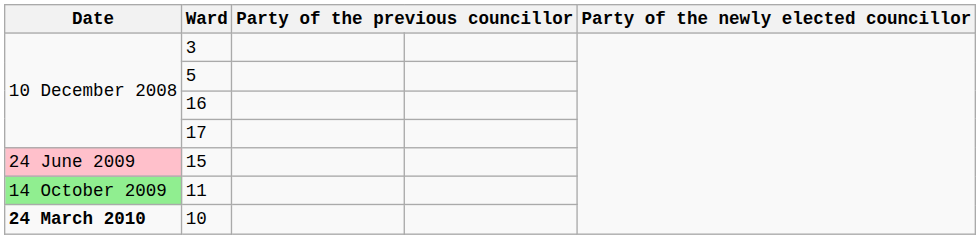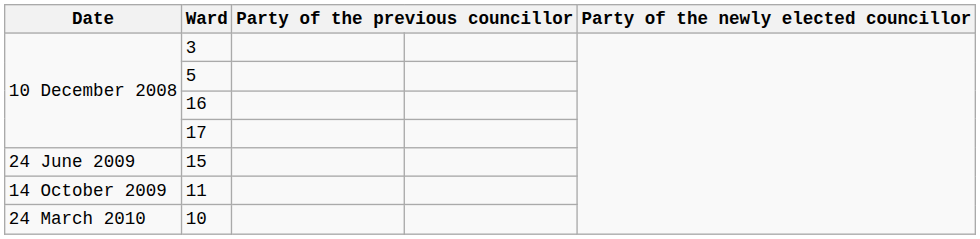 <table class="wikitable">
 <tr>
 <th>Date</th>
 <th>Ward</th>
 <th colspan=2>Party of the previous councillor</th>
 <th colspan=2>Party of the newly elected councillor</th>
 </tr>
 <tr>
 <td rowspan=4>10 December 2008</td>
 <td>3</td>
 <td></td>
 <td></td>
 </tr>
 <tr>
 <td>5</td>
 <td></td>
 <td></td>
 </tr>
 <tr>
 <td>16</td>
 <td></td>
 <td></td>
 </tr>
 <tr>
 <td>17</td>
 <td></td>
 <td></td>
 </tr>
 <tr>
-<td style="background: pink;">24 June 2009</td>
+<td>24 June 2009</td>
 <td>15</td>
 <td></td>
 <td></td>
 </tr>
 <tr>
-<td style="background: lightgreen;">14 October 2009</td>
+<td>14 October 2009</td>
 <td>11</td>
 <td></td>
 <td></td>
 </tr>
 <tr>
-<td><strong>24 March 2010</strong></td>
+<td>24 March 2010</td>
 <td>10</td>
 <td></td>
 <td></td>
 </tr>
 </table>
